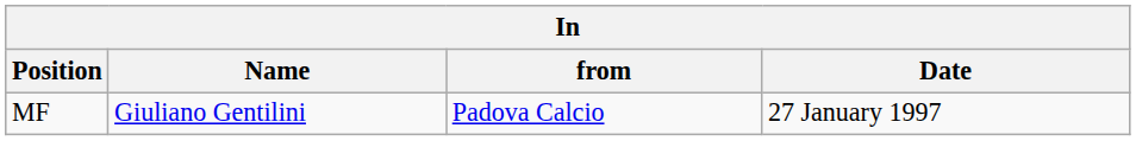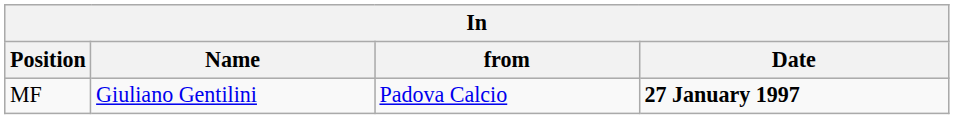 <table class="wikitable" style="font-size:90%;width:99%;">
 <tr>
 <th colspan="4">In</th>
 </tr>
 <tr>
 <th width=3%>Position</th>
 <th width=32%>Name</th>
 <th width=30%>from</th>
 <th width=35%>Date</th>
 </tr>
 <tr>
 <td>MF</td>
 <td><a href='#'>Giuliano Gentilini</a></td>
 <td><a href='#'>Padova Calcio</a></td>
-<td>27 January 1997</td>
+<td><strong>27 January 1997</strong></td>
 </tr>
 </table>
